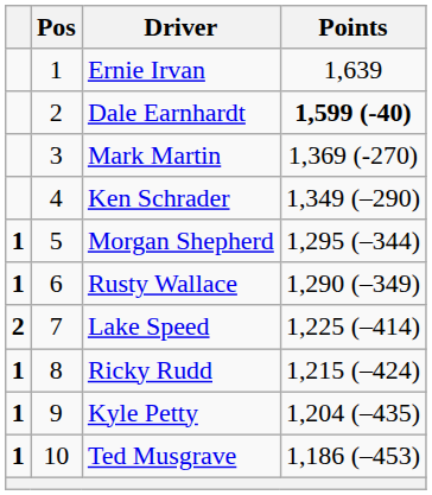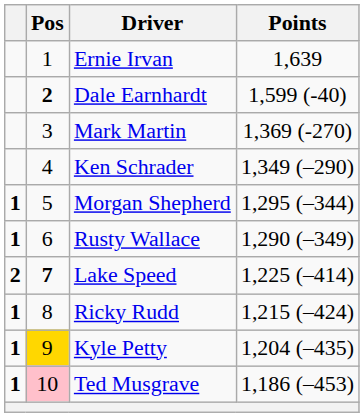 <table class="wikitable" style="font-size: 95%;">
 <tr>
 <th></th>
 <th>Pos</th>
 <th>Driver</th>
 <th>Points</th>
 </tr>
 <tr>
 <td align="left"></td>
 <td style="text-align:center;">1</td>
 <td><a href='#'>Ernie Irvan</a></td>
 <td style="text-align:center;">1,639</td>
 </tr>
 <tr>
 <td align="left"></td>
-<td style="text-align:center;">2</td>
+<td style="text-align:center;"><strong>2</strong></td>
 <td><a href='#'>Dale Earnhardt</a></td>
-<td style="text-align:center;"><strong>1,599 (-40)</strong></td>
+<td style="text-align:center;">1,599 (-40)</td>
 </tr>
 <tr>
 <td align="left"></td>
 <td style="text-align:center;">3</td>
 <td><a href='#'>Mark Martin</a></td>
 <td style="text-align:center;">1,369 (-270)</td>
 </tr>
 <tr>
 <td align="left"></td>
 <td style="text-align:center;">4</td>
 <td><a href='#'>Ken Schrader</a></td>
 <td style="text-align:center;">1,349 (–290)</td>
 </tr>
 <tr>
 <td align="left"> <strong>1</strong></td>
 <td style="text-align:center;">5</td>
 <td><a href='#'>Morgan Shepherd</a></td>
 <td style="text-align:center;">1,295 (–344)</td>
 </tr>
 <tr>
 <td align="left"> <strong>1</strong></td>
 <td style="text-align:center;">6</td>
 <td><a href='#'>Rusty Wallace</a></td>
 <td style="text-align:center;">1,290 (–349)</td>
 </tr>
 <tr>
 <td align="left"> <strong>2</strong></td>
-<td style="text-align:center;">7</td>
+<td style="text-align:center;"><strong>7</strong></td>
 <td><a href='#'>Lake Speed</a></td>
 <td style="text-align:center;">1,225 (–414)</td>
 </tr>
 <tr>
 <td align="left"> <strong>1</strong></td>
 <td style="text-align:center;">8</td>
 <td><a href='#'>Ricky Rudd</a></td>
 <td style="text-align:center;">1,215 (–424)</td>
 </tr>
 <tr>
 <td align="left"> <strong>1</strong></td>
-<td style="text-align:center;">9</td>
+<td style="background: gold; text-align:center;">9</td>
 <td><a href='#'>Kyle Petty</a></td>
 <td style="text-align:center;">1,204 (–435)</td>
 </tr>
 <tr>
 <td align="left"> <strong>1</strong></td>
-<td style="text-align:center;">10</td>
+<td style="background: pink; text-align:center;">10</td>
 <td><a href='#'>Ted Musgrave</a></td>
 <td style="text-align:center;">1,186 (–453)</td>
 </tr>
 <tr class="sortbottom">
 <th colspan="9"></th>
 </tr>
 </table>
